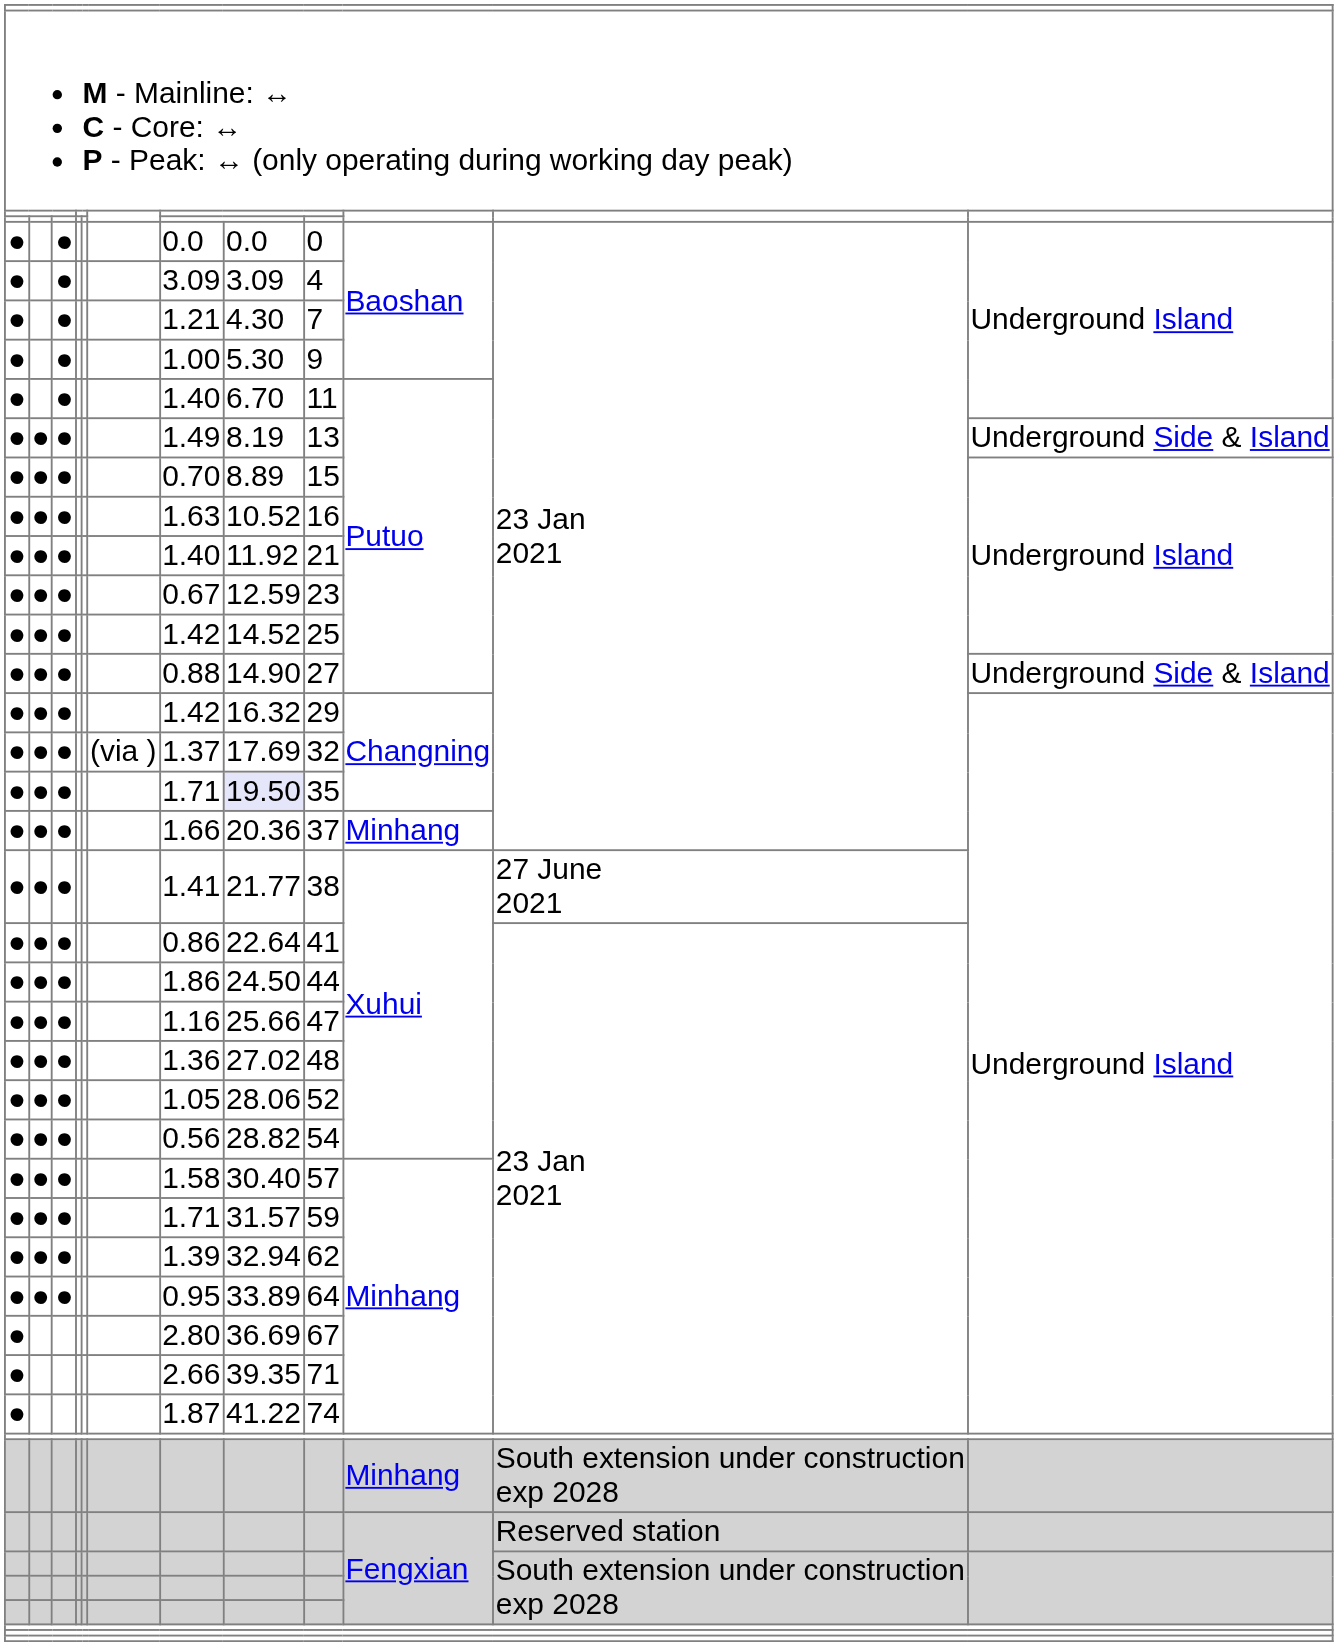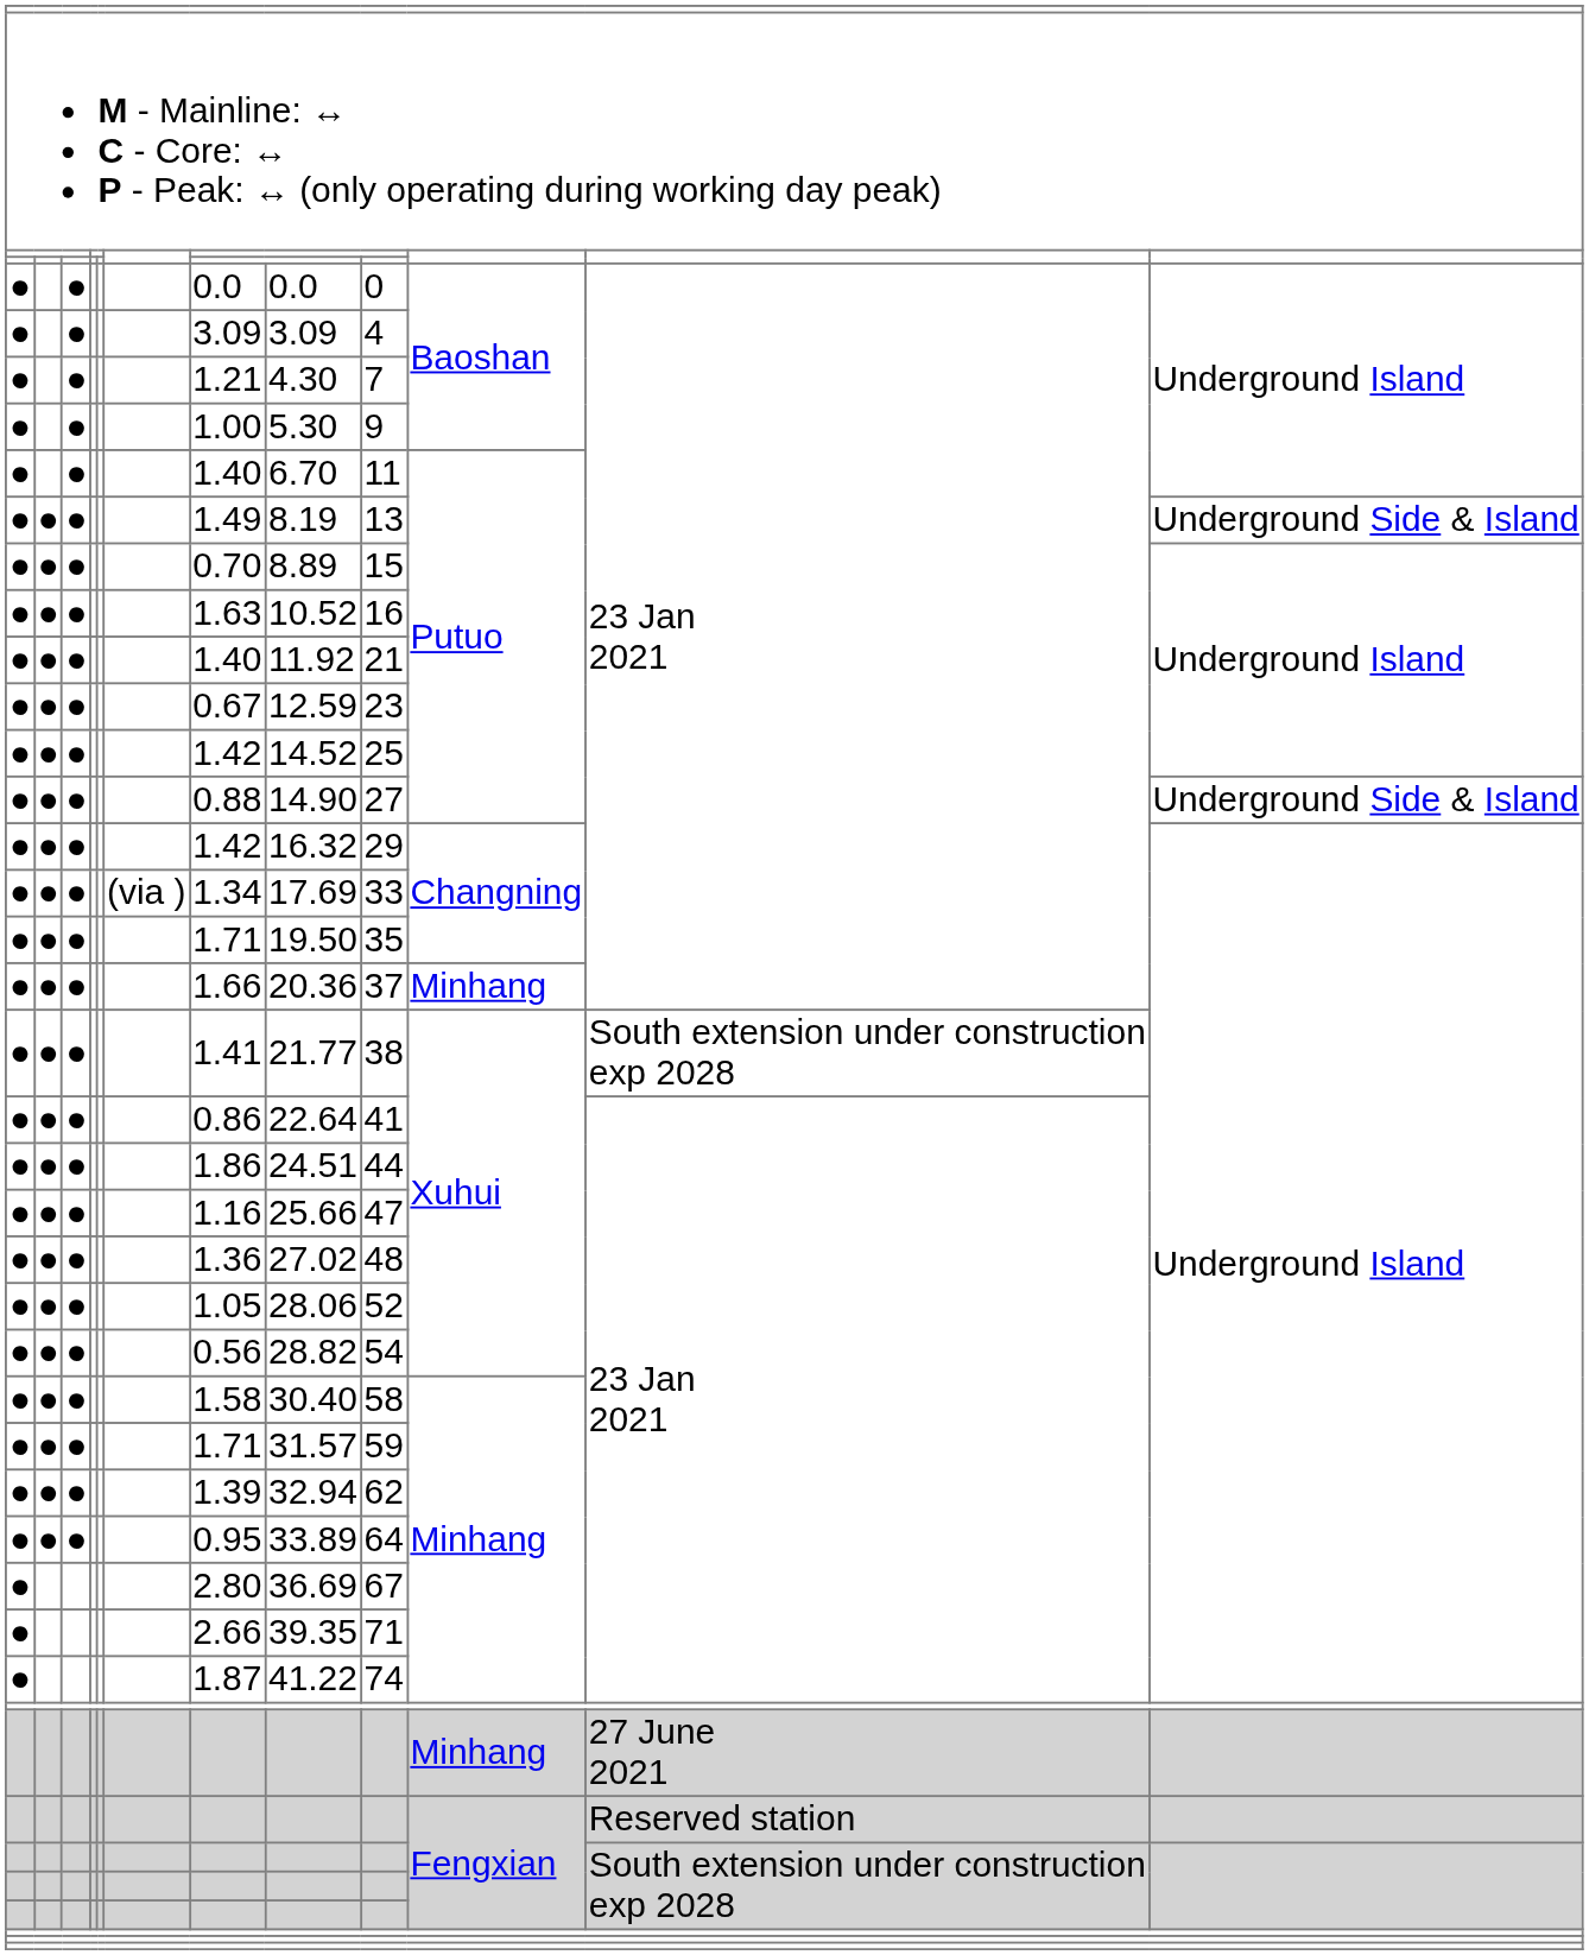 <table border=1 style="border-collapse: collapse;" class="mw-collapsible">
 <tr>
 <th colspan="12" style="text-align: center"></th>
 </tr>
 <tr>
 <td colspan="12" style="text-align: left"><br><ul><li><strong>M</strong> - Mainline:  ↔ </li><li><strong>C</strong> - Core:  ↔ </li><li><strong>P</strong> - Peak:  ↔  (only operating during working day peak)</li></ul></td>
 </tr>
 <tr>
 <th rowspan="1" colspan="3"></th>
 <th colspan="2"></th>
 <th rowspan="2"></th>
 <th colspan="3" rowspan="1"></th>
 <th rowspan="2"></th>
 <th rowspan="2"></th>
 <th rowspan="2"></th>
 </tr>
 <tr>
 <th rowspan="1"></th>
 <th rowspan="1"></th>
 <th rowspan="1"></th>
 <th></th>
 <th></th>
 <th colspan="2"></th>
 <th></th>
 </tr>
 <tr>
 <td align="center">●</td>
 <td align="center"></td>
 <td align="center">●</td>
 <td></td>
 <td></td>
 <td></td>
 <td>0.0</td>
 <td>0.0</td>
 <td>0</td>
 <td rowspan="4"><a href='#'>Baoshan</a></td>
 <td rowspan="16">23 Jan<br> 2021</td>
 <td rowspan="5">Underground <a href='#'>Island</a></td>
 </tr>
 <tr>
 <td align="center">●</td>
 <td align="center"></td>
 <td align="center">●</td>
 <td></td>
 <td></td>
 <td></td>
 <td>3.09</td>
 <td>3.09</td>
 <td>4</td>
 </tr>
 <tr>
 <td align="center">●</td>
 <td align="center"></td>
 <td align="center">●</td>
 <td></td>
 <td></td>
 <td></td>
 <td>1.21</td>
 <td>4.30</td>
 <td>7</td>
 </tr>
 <tr>
 <td align="center">●</td>
 <td align="center"></td>
 <td align="center">●</td>
 <td></td>
 <td></td>
 <td></td>
 <td>1.00</td>
 <td>5.30</td>
 <td>9</td>
 </tr>
 <tr>
 <td align="center">●</td>
 <td align="center"></td>
 <td align="center">●</td>
 <td></td>
 <td></td>
 <td></td>
 <td>1.40</td>
 <td>6.70</td>
 <td>11</td>
 <td rowspan="8"><a href='#'>Putuo</a></td>
 </tr>
 <tr>
 <td align="center">●</td>
 <td align="center">●</td>
 <td align="center">●</td>
 <td></td>
 <td></td>
 <td></td>
 <td>1.49</td>
 <td>8.19</td>
 <td>13</td>
 <td>Underground <a href='#'>Side</a> & <a href='#'>Island</a></td>
 </tr>
 <tr>
 <td align="center">●</td>
 <td align="center">●</td>
 <td align="center">●</td>
 <td></td>
 <td></td>
 <td></td>
 <td>0.70</td>
 <td>8.89</td>
 <td>15</td>
 <td rowspan="5">Underground <a href='#'>Island</a></td>
 </tr>
 <tr>
 <td align="center">●</td>
 <td align="center">●</td>
 <td align="center">●</td>
 <td></td>
 <td></td>
 <td> </td>
 <td>1.63</td>
 <td>10.52</td>
 <td>16</td>
 </tr>
 <tr>
 <td align="center">●</td>
 <td align="center">●</td>
 <td align="center">●</td>
 <td></td>
 <td></td>
 <td></td>
 <td>1.40</td>
 <td>11.92</td>
 <td>21</td>
 </tr>
 <tr>
 <td align="center">●</td>
 <td align="center">●</td>
 <td align="center">●</td>
 <td></td>
 <td></td>
 <td></td>
 <td>0.67</td>
 <td>12.59</td>
 <td>23</td>
 </tr>
 <tr>
 <td align="center">●</td>
 <td align="center">●</td>
 <td align="center">●</td>
 <td></td>
 <td></td>
 <td></td>
 <td>1.42</td>
 <td>14.52</td>
 <td>25</td>
 </tr>
 <tr>
 <td align="center">●</td>
 <td align="center">●</td>
 <td align="center">●</td>
 <td></td>
 <td></td>
 <td></td>
 <td>0.88</td>
 <td>14.90</td>
 <td>27</td>
 <td>Underground <a href='#'>Side</a> & <a href='#'>Island</a></td>
 </tr>
 <tr>
 <td align="center">●</td>
 <td align="center">●</td>
 <td align="center">●</td>
 <td></td>
 <td></td>
 <td></td>
 <td>1.42</td>
 <td>16.32</td>
 <td>29</td>
 <td rowspan="3"><a href='#'>Changning</a></td>
 <td rowspan="18">Underground <a href='#'>Island</a></td>
 </tr>
 <tr>
 <td align="center">●</td>
 <td align="center">●</td>
 <td align="center">●</td>
 <td></td>
 <td></td>
 <td> (via )</td>
-<td>1.37</td>
+<td>1.34</td>
 <td>17.69</td>
-<td>32</td>
+<td>33</td>
 </tr>
 <tr>
 <td align="center">●</td>
 <td align="center">●</td>
 <td align="center">●</td>
 <td></td>
 <td></td>
 <td></td>
 <td>1.71</td>
-<td style="background: lavender;">19.50</td>
+<td>19.50</td>
 <td>35</td>
 </tr>
 <tr>
 <td align="center">●</td>
 <td align="center">●</td>
 <td align="center">●</td>
 <td></td>
 <td></td>
 <td></td>
 <td>1.66</td>
 <td>20.36</td>
 <td>37</td>
 <td rowspan="1"><a href='#'>Minhang</a></td>
 </tr>
 <tr>
 <td align="center">●</td>
 <td align="center">●</td>
 <td align="center">●</td>
 <td></td>
 <td></td>
 <td></td>
 <td>1.41</td>
 <td>21.77</td>
 <td>38</td>
 <td rowspan="7"><a href='#'>Xuhui</a></td>
-<td>27 June<br> 2021</td>
+<td>South extension under construction<br>exp 2028</td>
 </tr>
 <tr>
 <td align="center">●</td>
 <td align="center">●</td>
 <td align="center">●</td>
 <td></td>
 <td></td>
 <td></td>
 <td>0.86</td>
 <td>22.64</td>
 <td>41</td>
 <td rowspan="13">23 Jan<br> 2021</td>
 </tr>
 <tr>
 <td align="center">●</td>
 <td align="center">●</td>
 <td align="center">●</td>
 <td></td>
 <td></td>
 <td>   </td>
 <td>1.86</td>
-<td>24.50</td>
+<td>24.51</td>
 <td>44</td>
 </tr>
 <tr>
 <td align="center">●</td>
 <td align="center">●</td>
 <td align="center">●</td>
 <td></td>
 <td></td>
 <td></td>
 <td>1.16</td>
 <td>25.66</td>
 <td>47</td>
 </tr>
 <tr>
 <td align="center">●</td>
 <td align="center">●</td>
 <td align="center">●</td>
 <td></td>
 <td></td>
 <td></td>
 <td>1.36</td>
 <td>27.02</td>
 <td>48</td>
 </tr>
 <tr>
 <td align="center">●</td>
 <td align="center">●</td>
 <td align="center">●</td>
 <td></td>
 <td></td>
 <td></td>
 <td>1.05</td>
 <td>28.06</td>
 <td>52</td>
 </tr>
 <tr>
 <td align="center">●</td>
 <td align="center">●</td>
 <td align="center">●</td>
 <td></td>
 <td></td>
 <td> </td>
 <td>0.56</td>
 <td>28.82</td>
 <td>54</td>
 </tr>
 <tr>
 <td align="center">●</td>
 <td align="center">●</td>
 <td align="center">●</td>
 <td></td>
 <td></td>
 <td></td>
 <td>1.58</td>
 <td>30.40</td>
-<td>57</td>
+<td>58</td>
 <td rowspan="7"><a href='#'>Minhang</a></td>
 </tr>
 <tr>
 <td align="center">●</td>
 <td align="center">●</td>
 <td align="center">●</td>
 <td></td>
 <td></td>
 <td></td>
 <td>1.71</td>
 <td>31.57</td>
 <td>59</td>
 </tr>
 <tr>
 <td align="center">●</td>
 <td align="center">●</td>
 <td align="center">●</td>
 <td></td>
 <td></td>
 <td></td>
 <td>1.39</td>
 <td>32.94</td>
 <td>62</td>
 </tr>
 <tr>
 <td align="center">●</td>
 <td align="center">●</td>
 <td align="center">●</td>
 <td></td>
 <td></td>
 <td></td>
 <td>0.95</td>
 <td>33.89</td>
 <td>64</td>
 </tr>
 <tr>
 <td align="center">●</td>
 <td align="center"></td>
 <td align="center"></td>
 <td></td>
 <td></td>
 <td></td>
 <td>2.80</td>
 <td>36.69</td>
 <td>67</td>
 </tr>
 <tr>
 <td align="center">●</td>
 <td align="center"></td>
 <td align="center"></td>
 <td></td>
 <td></td>
 <td></td>
 <td>2.66</td>
 <td>39.35</td>
 <td>71</td>
 </tr>
 <tr>
 <td align="center">●</td>
 <td align="center"></td>
 <td align="center"></td>
 <td></td>
 <td></td>
 <td></td>
 <td>1.87</td>
 <td>41.22</td>
 <td>74</td>
 </tr>
 <tr style="background:#">
 <td colspan = "12"></td>
 </tr>
 <tr bgcolor="lightgrey">
 <td align="center"></td>
 <td align="center"></td>
 <td align="center"></td>
 <td></td>
 <td></td>
 <td></td>
 <td></td>
 <td></td>
 <td></td>
 <td><a href='#'>Minhang</a></td>
-<td>South extension under construction<br>exp 2028</td>
+<td>27 June<br> 2021</td>
 <td></td>
 </tr>
 <tr bgcolor="lightgrey">
 <td align="center"></td>
 <td align="center"></td>
 <td align="center"></td>
 <td><em></em></td>
 <td></td>
 <td></td>
 <td></td>
 <td></td>
 <td></td>
 <td rowspan="4"><a href='#'>Fengxian</a></td>
 <td>Reserved station</td>
 <td></td>
 </tr>
 <tr bgcolor="lightgrey">
 <td align="center"></td>
 <td align="center"></td>
 <td align="center"></td>
 <td></td>
 <td></td>
 <td></td>
 <td></td>
 <td></td>
 <td></td>
 <td rowspan="3">South extension under construction<br>exp 2028</td>
 <td rowspan="3"></td>
 </tr>
 <tr bgcolor="lightgrey">
 <td align="center"></td>
 <td align="center"></td>
 <td align="center"></td>
 <td></td>
 <td></td>
 <td></td>
 <td></td>
 <td></td>
 <td></td>
 </tr>
 <tr bgcolor="lightgrey">
 <td align="center"></td>
 <td align="center"></td>
 <td align="center"></td>
 <td></td>
 <td></td>
 <td></td>
 <td></td>
 <td></td>
 <td></td>
 </tr>
 <tr style="background:#">
 <td colspan = "12"></td>
 </tr>
 <tr>
 <td colspan = "12"></td>
 </tr>
 <tr style="background: #">
 <td colspan = "12"></td>
 </tr>
 </table>
